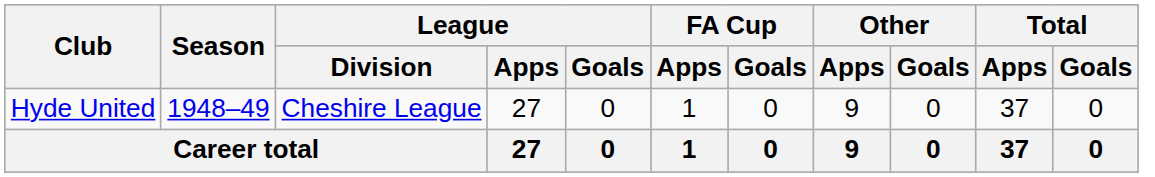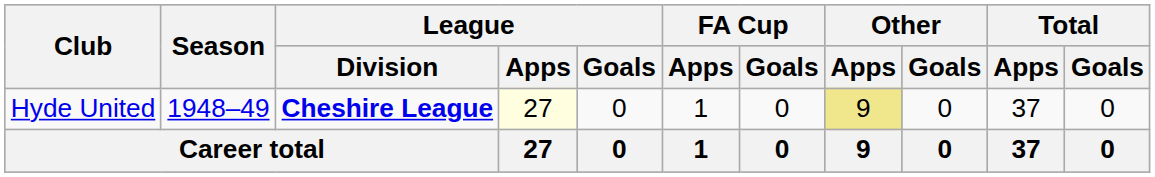 <table class="wikitable" style="text-align:center">
 <tr>
 <th rowspan="2">Club</th>
 <th rowspan="2">Season</th>
 <th colspan="3">League</th>
 <th colspan="2">FA Cup</th>
 <th colspan="2">Other</th>
 <th colspan="2">Total</th>
 </tr>
 <tr>
 <th>Division</th>
 <th>Apps</th>
 <th>Goals</th>
 <th>Apps</th>
 <th>Goals</th>
 <th>Apps</th>
 <th>Goals</th>
 <th>Apps</th>
 <th>Goals</th>
 </tr>
 <tr>
 <td><a href='#'>Hyde United</a></td>
 <td><a href='#'>1948–49</a></td>
-<td><a href='#'>Cheshire League</a></td>
-<td>27</td>
+<td><strong><a href='#'>Cheshire League</a></strong></td>
+<td style="background: lightyellow;">27</td>
 <td>0</td>
 <td>1</td>
 <td>0</td>
-<td>9</td>
+<td style="background: khaki;">9</td>
 <td>0</td>
 <td>37</td>
 <td>0</td>
 </tr>
 <tr>
 <th colspan="3">Career total</th>
 <th>27</th>
 <th>0</th>
 <th>1</th>
 <th>0</th>
 <th>9</th>
 <th>0</th>
 <th>37</th>
 <th>0</th>
 </tr>
 </table>
